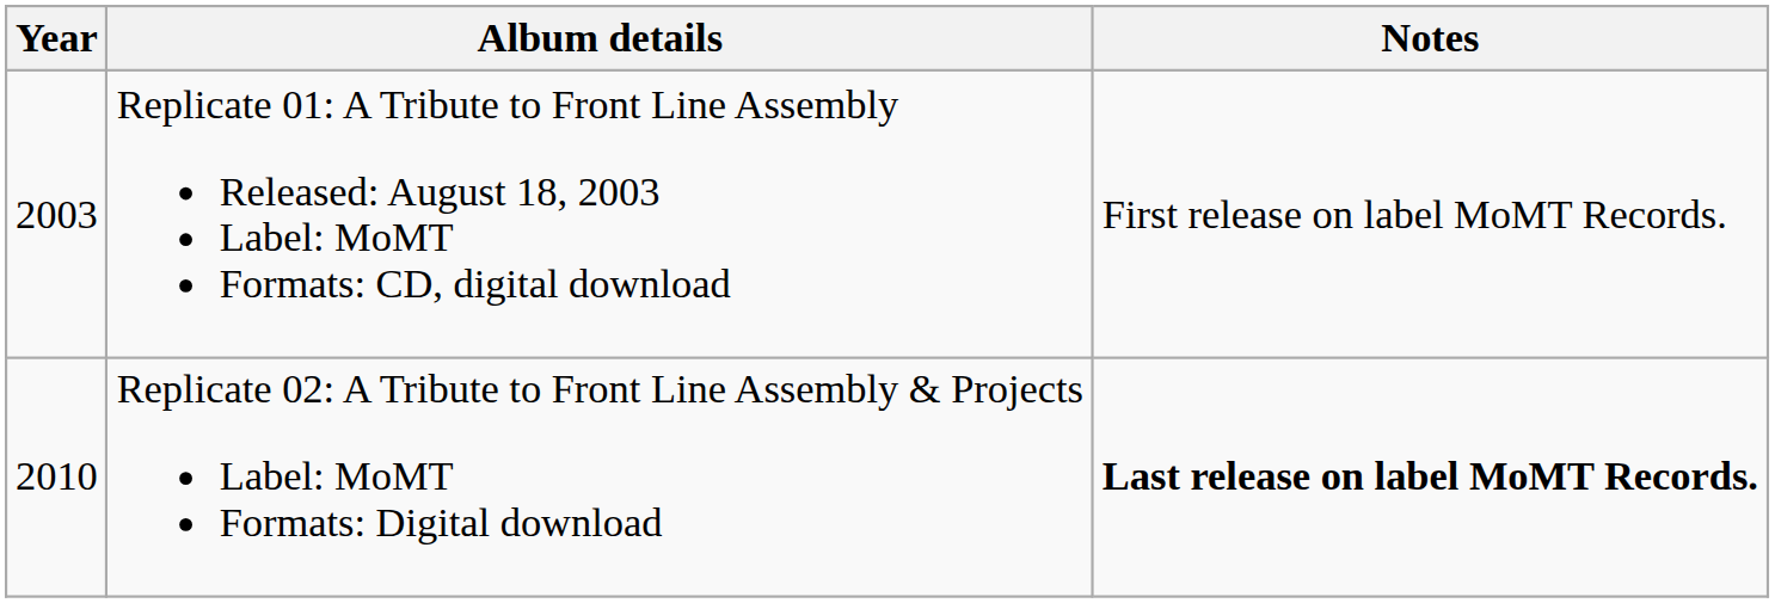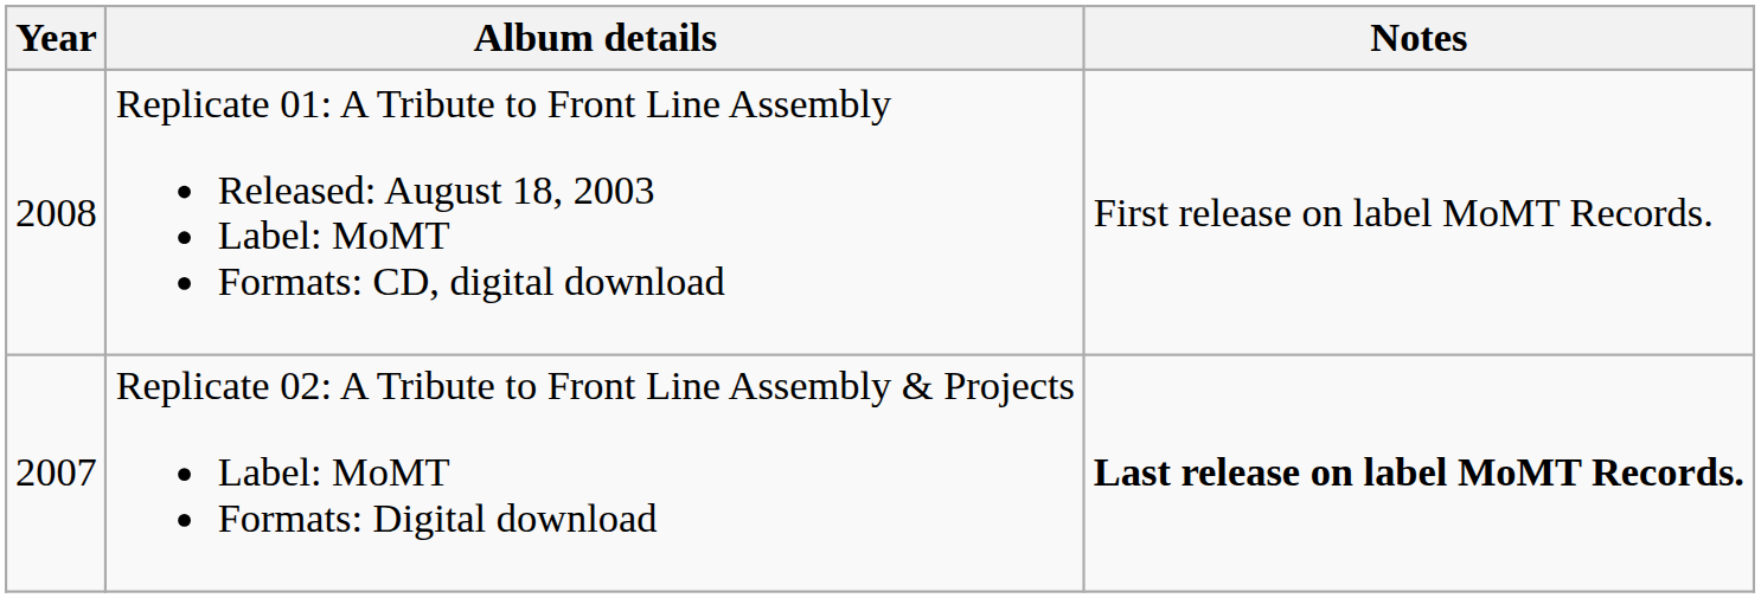 <table class="wikitable">
 <tr>
 <th>Year</th>
 <th>Album details</th>
 <th>Notes</th>
 </tr>
 <tr>
-<td>2003</td>
+<td>2008</td>
 <td>Replicate 01: A Tribute to Front Line Assembly<br><ul><li>Released: August 18, 2003</li><li>Label: MoMT</li><li>Formats: CD, digital download</li></ul></td>
 <td>First release on label MoMT Records.</td>
 </tr>
 <tr>
-<td>2010</td>
+<td>2007</td>
 <td>Replicate 02: A Tribute to Front Line Assembly & Projects<br><ul><li>Label: MoMT</li><li>Formats: Digital download</li></ul></td>
 <td><strong>Last release on label MoMT Records.</strong></td>
 </tr>
 </table>
